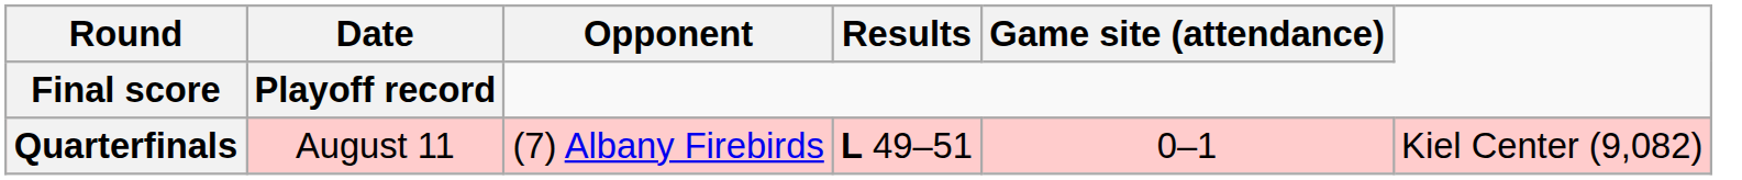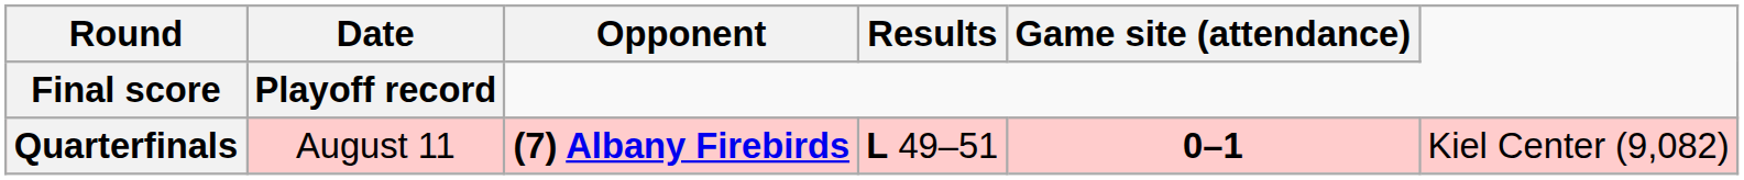 <table class="wikitable" style="font-size: 92%;" "align=center">
 <tr>
 <th>Round</th>
 <th>Date</th>
 <th>Opponent</th>
 <th>Results</th>
 <th>Game site (attendance)</th>
 </tr>
 <tr>
 <th>Final score</th>
 <th>Playoff record</th>
 </tr>
 <tr style="background:#fcc">
 <th>Quarterfinals</th>
 <td style="text-align:center;">August 11</td>
-<td style="text-align:center;">(7) <a href='#'>Albany Firebirds</a></td>
+<td style="text-align:center;"><strong>(7) <a href='#'>Albany Firebirds</a></strong></td>
 <td style="text-align:center;"><strong>L</strong> 49–51</td>
-<td style="text-align:center;">0–1</td>
+<td style="text-align:center;"><strong>0–1</strong></td>
 <td style="text-align:center;">Kiel Center (9,082)</td>
 </tr>
 </table>
